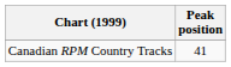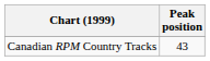 <table class="wikitable sortable">
 <tr>
 <th align="left">Chart (1999)</th>
 <th align="center">Peak<br>position</th>
 </tr>
 <tr>
 </tr>
 <tr>
 </tr>
 <tr>
 <td align="left">Canadian <em>RPM</em> Country Tracks</td>
-<td align="center">41</td>
+<td align="center">43</td>
 </tr>
 </table>
